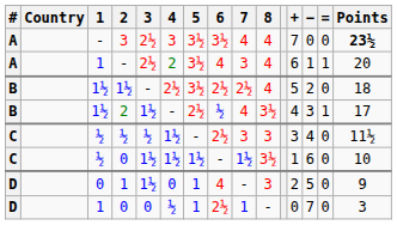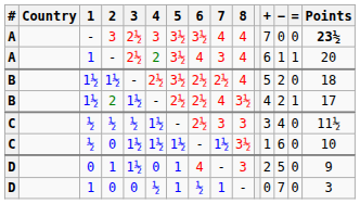 <table class="wikitable" style="text-align:center">
 <tr>
 <th>#</th>
 <th>Country</th>
 <th>1</th>
 <th>2</th>
 <th>3</th>
 <th>4</th>
 <th>5</th>
 <th>6</th>
 <th>7</th>
 <th>8</th>
 <th></th>
 <th>+</th>
 <th>−</th>
 <th>=</th>
 <th>Points</th>
 </tr>
 <tr>
 <th>A</th>
 <td style="text-align: left"></td>
 <td>-</td>
 <td style="color:red;">3</td>
 <td style="color:red;">2½</td>
 <td style="color:red;">3</td>
 <td style="color:red;">3½</td>
 <td style="color:red;">3½</td>
 <td style="color:red;">4</td>
 <td style="color:red;">4</td>
 <th></th>
 <td>7</td>
 <td>0</td>
 <td>0</td>
 <td><strong>23½</strong></td>
 </tr>
 <tr>
 <th>A</th>
 <td style="text-align: left"></td>
 <td style="color:blue;">1</td>
 <td>-</td>
 <td style="color:red;">2½</td>
 <td style="color:green;">2</td>
 <td style="color:red;">3½</td>
 <td style="color:red;">4</td>
 <td style="color:red;">3</td>
 <td style="color:red;">4</td>
 <th></th>
 <td>6</td>
 <td>1</td>
 <td>1</td>
 <td>20</td>
 </tr>
 <tr style="border-top:2px solid grey;">
 <th>B</th>
 <td style="text-align: left"></td>
 <td style="color:blue;">1½</td>
 <td style="color:blue;">1½</td>
 <td>-</td>
 <td style="color:red;">2½</td>
 <td style="color:red;">3½</td>
 <td style="color:red;">2½</td>
 <td style="color:red;">2½</td>
 <td style="color:red;">4</td>
 <th></th>
 <td>5</td>
 <td>2</td>
 <td>0</td>
 <td>18</td>
 </tr>
 <tr>
 <th>B</th>
 <td style="text-align: left"></td>
 <td style="color:blue;">1½</td>
 <td style="color:green;">2</td>
 <td style="color:blue;">1½</td>
 <td>-</td>
 <td style="color:red;">2½</td>
-<td style="color:blue;">½</td>
+<td style="color:red;">2½</td>
 <td style="color:red;">4</td>
 <td style="color:red;">3½</td>
 <th></th>
 <td>4</td>
-<td>3</td>
+<td>2</td>
 <td>1</td>
 <td>17</td>
 </tr>
 <tr style="border-top:2px solid grey;">
 <th>C</th>
 <td style="text-align: left"></td>
 <td style="color:blue;">½</td>
 <td style="color:blue;">½</td>
 <td style="color:blue;">½</td>
 <td style="color:blue;">1½</td>
 <td>-</td>
 <td style="color:red;">2½</td>
 <td style="color:red;">3</td>
 <td style="color:red;">3</td>
 <th></th>
 <td>3</td>
 <td>4</td>
 <td>0</td>
 <td>11½</td>
 </tr>
 <tr>
 <th>C</th>
 <td style="text-align: left"></td>
 <td style="color:blue;">½</td>
 <td style="color:blue;">0</td>
 <td style="color:blue;">1½</td>
 <td style="color:blue;">1½</td>
 <td style="color:blue;">1½</td>
 <td>-</td>
 <td style="color:blue;">1½</td>
 <td style="color:red;">3½</td>
 <th></th>
 <td>1</td>
 <td>6</td>
 <td>0</td>
 <td>10</td>
 </tr>
 <tr style="border-top:2px solid grey;">
 <th>D</th>
 <td style="text-align: left"></td>
 <td style="color:blue;">0</td>
 <td style="color:blue;">1</td>
 <td style="color:blue;">1½</td>
 <td style="color:blue;">0</td>
 <td style="color:blue;">1</td>
 <td style="color:red;">4</td>
 <td>-</td>
 <td style="color:red;">3</td>
 <th></th>
 <td>2</td>
 <td>5</td>
 <td>0</td>
 <td>9</td>
 </tr>
 <tr>
 <th>D</th>
 <td style="text-align: left"></td>
 <td style="color:blue;">1</td>
 <td style="color:blue;">0</td>
 <td style="color:blue;">0</td>
 <td style="color:blue;">½</td>
 <td style="color:blue;">1</td>
-<td style="color:red;">2½</td>
+<td style="color:blue;">½</td>
 <td style="color:blue;">1</td>
 <td>-</td>
 <th></th>
 <td>0</td>
 <td>7</td>
 <td>0</td>
 <td>3</td>
 </tr>
 </table>
